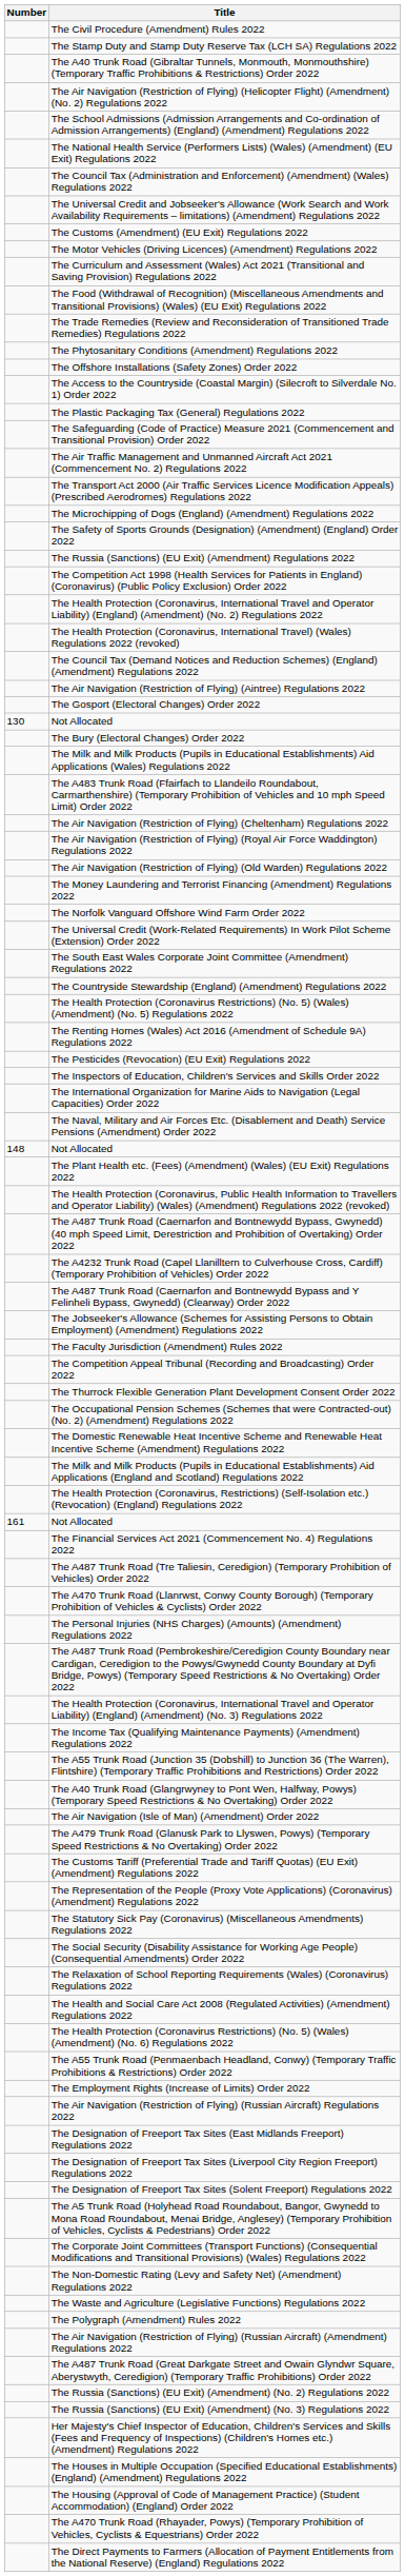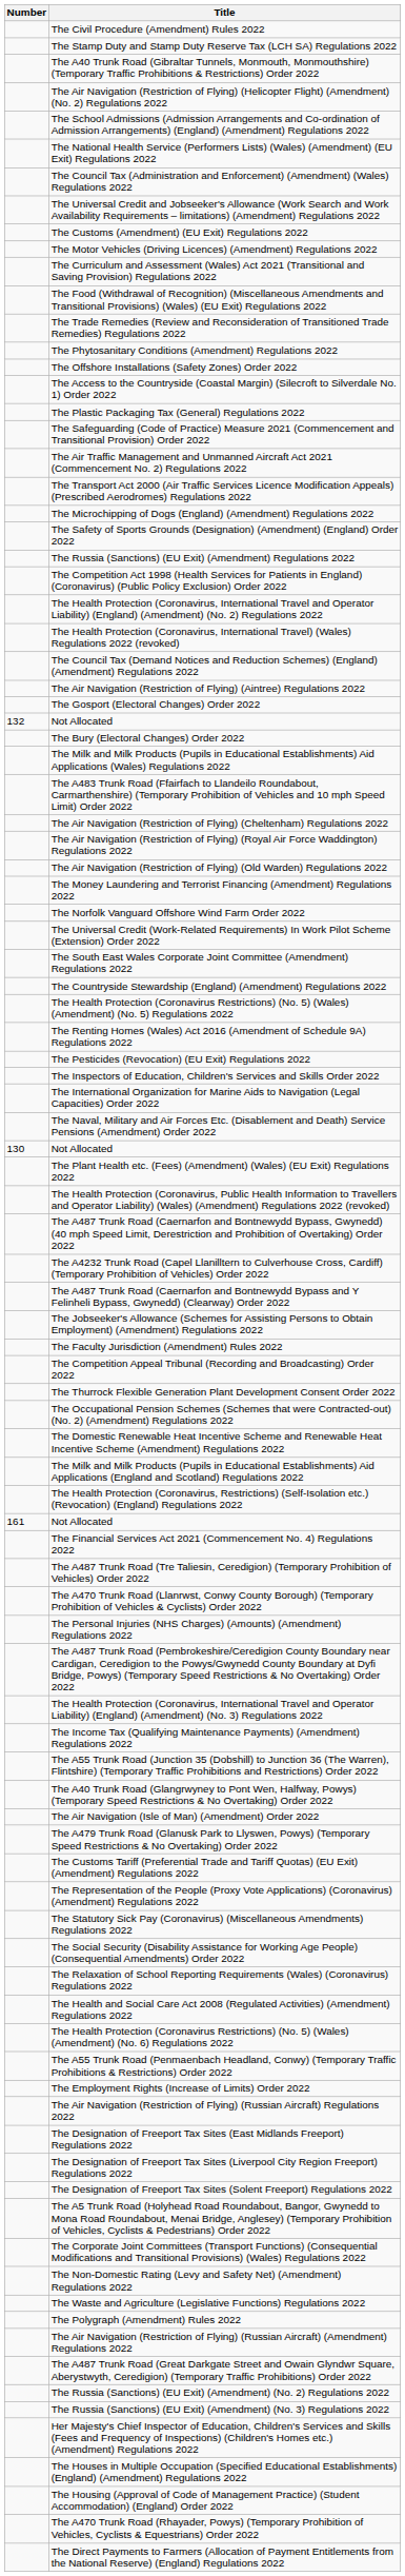 <table class="wikitable collapsible">
 <tr>
 <th>Number</th>
 <th>Title</th>
 </tr>
 <tr>
 <td></td>
 <td>The Civil Procedure (Amendment) Rules 2022</td>
 </tr>
 <tr>
 <td></td>
 <td>The Stamp Duty and Stamp Duty Reserve Tax (LCH SA) Regulations 2022</td>
 </tr>
 <tr>
 <td></td>
 <td>The A40 Trunk Road (Gibraltar Tunnels, Monmouth, Monmouthshire) (Temporary Traffic Prohibitions & Restrictions) Order 2022</td>
 </tr>
 <tr>
 <td></td>
 <td>The Air Navigation (Restriction of Flying) (Helicopter Flight) (Amendment) (No. 2) Regulations 2022</td>
 </tr>
 <tr>
 <td></td>
 <td>The School Admissions (Admission Arrangements and Co-ordination of Admission Arrangements) (England) (Amendment) Regulations 2022</td>
 </tr>
 <tr>
 <td></td>
 <td>The National Health Service (Performers Lists) (Wales) (Amendment) (EU Exit) Regulations 2022</td>
 </tr>
 <tr>
 <td></td>
 <td>The Council Tax (Administration and Enforcement) (Amendment) (Wales) Regulations 2022</td>
 </tr>
 <tr>
 <td></td>
 <td>The Universal Credit and Jobseeker's Allowance (Work Search and Work Availability Requirements – limitations) (Amendment) Regulations 2022</td>
 </tr>
 <tr>
 <td></td>
 <td>The Customs (Amendment) (EU Exit) Regulations 2022</td>
 </tr>
 <tr>
 <td></td>
 <td>The Motor Vehicles (Driving Licences) (Amendment) Regulations 2022</td>
 </tr>
 <tr>
 <td></td>
 <td>The Curriculum and Assessment (Wales) Act 2021 (Transitional and Saving Provision) Regulations 2022</td>
 </tr>
 <tr>
 <td></td>
 <td>The Food (Withdrawal of Recognition) (Miscellaneous Amendments and Transitional Provisions) (Wales) (EU Exit) Regulations 2022</td>
 </tr>
 <tr>
 <td></td>
 <td>The Trade Remedies (Review and Reconsideration of Transitioned Trade Remedies) Regulations 2022</td>
 </tr>
 <tr>
 <td></td>
 <td>The Phytosanitary Conditions (Amendment) Regulations 2022</td>
 </tr>
 <tr>
 <td></td>
 <td>The Offshore Installations (Safety Zones) Order 2022</td>
 </tr>
 <tr>
 <td></td>
 <td>The Access to the Countryside (Coastal Margin) (Silecroft to Silverdale No. 1) Order 2022</td>
 </tr>
 <tr>
 <td></td>
 <td>The Plastic Packaging Tax (General) Regulations 2022</td>
 </tr>
 <tr>
 <td></td>
 <td>The Safeguarding (Code of Practice) Measure 2021 (Commencement and Transitional Provision) Order 2022</td>
 </tr>
 <tr>
 <td></td>
 <td>The Air Traffic Management and Unmanned Aircraft Act 2021 (Commencement No. 2) Regulations 2022</td>
 </tr>
 <tr>
 <td></td>
 <td>The Transport Act 2000 (Air Traffic Services Licence Modification Appeals) (Prescribed Aerodromes) Regulations 2022</td>
 </tr>
 <tr>
 <td></td>
 <td>The Microchipping of Dogs (England) (Amendment) Regulations 2022</td>
 </tr>
 <tr>
 <td></td>
 <td>The Safety of Sports Grounds (Designation) (Amendment) (England) Order 2022</td>
 </tr>
 <tr>
 <td></td>
 <td>The Russia (Sanctions) (EU Exit) (Amendment) Regulations 2022</td>
 </tr>
 <tr>
 <td></td>
 <td>The Competition Act 1998 (Health Services for Patients in England) (Coronavirus) (Public Policy Exclusion) Order 2022</td>
 </tr>
 <tr>
 <td></td>
 <td>The Health Protection (Coronavirus, International Travel and Operator Liability) (England) (Amendment) (No. 2) Regulations 2022</td>
 </tr>
 <tr>
 <td></td>
 <td>The Health Protection (Coronavirus, International Travel) (Wales) Regulations 2022 (revoked)</td>
 </tr>
 <tr>
 <td></td>
 <td>The Council Tax (Demand Notices and Reduction Schemes) (England) (Amendment) Regulations 2022</td>
 </tr>
 <tr>
 <td></td>
 <td>The Air Navigation (Restriction of Flying) (Aintree) Regulations 2022</td>
 </tr>
 <tr>
 <td></td>
 <td>The Gosport (Electoral Changes) Order 2022</td>
 </tr>
 <tr>
-<td>130</td>
+<td>132</td>
 <td>Not Allocated</td>
 </tr>
 <tr>
 <td></td>
 <td>The Bury (Electoral Changes) Order 2022</td>
 </tr>
 <tr>
 <td></td>
 <td>The Milk and Milk Products (Pupils in Educational Establishments) Aid Applications (Wales) Regulations 2022</td>
 </tr>
 <tr>
 <td></td>
 <td>The A483 Trunk Road (Ffairfach to Llandeilo Roundabout, Carmarthenshire) (Temporary Prohibition of Vehicles and 10 mph Speed Limit) Order 2022</td>
 </tr>
 <tr>
 <td></td>
 <td>The Air Navigation (Restriction of Flying) (Cheltenham) Regulations 2022</td>
 </tr>
 <tr>
 <td></td>
 <td>The Air Navigation (Restriction of Flying) (Royal Air Force Waddington) Regulations 2022</td>
 </tr>
 <tr>
 <td></td>
 <td>The Air Navigation (Restriction of Flying) (Old Warden) Regulations 2022</td>
 </tr>
 <tr>
 <td></td>
 <td>The Money Laundering and Terrorist Financing (Amendment) Regulations 2022</td>
 </tr>
 <tr>
 <td></td>
 <td>The Norfolk Vanguard Offshore Wind Farm Order 2022</td>
 </tr>
 <tr>
 <td></td>
 <td>The Universal Credit (Work-Related Requirements) In Work Pilot Scheme (Extension) Order 2022</td>
 </tr>
 <tr>
 <td></td>
 <td>The South East Wales Corporate Joint Committee (Amendment) Regulations 2022</td>
 </tr>
 <tr>
 <td></td>
 <td>The Countryside Stewardship (England) (Amendment) Regulations 2022</td>
 </tr>
 <tr>
 <td></td>
 <td>The Health Protection (Coronavirus Restrictions) (No. 5) (Wales) (Amendment) (No. 5) Regulations 2022</td>
 </tr>
 <tr>
 <td></td>
 <td>The Renting Homes (Wales) Act 2016 (Amendment of Schedule 9A) Regulations 2022</td>
 </tr>
 <tr>
 <td></td>
 <td>The Pesticides (Revocation) (EU Exit) Regulations 2022</td>
 </tr>
 <tr>
 <td></td>
 <td>The Inspectors of Education, Children's Services and Skills Order 2022</td>
 </tr>
 <tr>
 <td></td>
 <td>The International Organization for Marine Aids to Navigation (Legal Capacities) Order 2022</td>
 </tr>
 <tr>
 <td></td>
 <td>The Naval, Military and Air Forces Etc. (Disablement and Death) Service Pensions (Amendment) Order 2022</td>
 </tr>
 <tr>
-<td>148</td>
+<td>130</td>
 <td>Not Allocated</td>
 </tr>
 <tr>
 <td></td>
 <td>The Plant Health etc. (Fees) (Amendment) (Wales) (EU Exit) Regulations 2022</td>
 </tr>
 <tr>
 <td></td>
 <td>The Health Protection (Coronavirus, Public Health Information to Travellers and Operator Liability) (Wales) (Amendment) Regulations 2022 (revoked)</td>
 </tr>
 <tr>
 <td></td>
 <td>The A487 Trunk Road (Caernarfon and Bontnewydd Bypass, Gwynedd) (40 mph Speed Limit, Derestriction and Prohibition of Overtaking) Order 2022</td>
 </tr>
 <tr>
 <td></td>
 <td>The A4232 Trunk Road (Capel Llanilltern to Culverhouse Cross, Cardiff) (Temporary Prohibition of Vehicles) Order 2022</td>
 </tr>
 <tr>
 <td></td>
 <td>The A487 Trunk Road (Caernarfon and Bontnewydd Bypass and Y Felinheli Bypass, Gwynedd) (Clearway) Order 2022</td>
 </tr>
 <tr>
 <td></td>
 <td>The Jobseeker's Allowance (Schemes for Assisting Persons to Obtain Employment) (Amendment) Regulations 2022</td>
 </tr>
 <tr>
 <td></td>
 <td>The Faculty Jurisdiction (Amendment) Rules 2022</td>
 </tr>
 <tr>
 <td></td>
 <td>The Competition Appeal Tribunal (Recording and Broadcasting) Order 2022</td>
 </tr>
 <tr>
 <td></td>
 <td>The Thurrock Flexible Generation Plant Development Consent Order 2022</td>
 </tr>
 <tr>
 <td></td>
 <td>The Occupational Pension Schemes (Schemes that were Contracted-out) (No. 2) (Amendment) Regulations 2022</td>
 </tr>
 <tr>
 <td></td>
 <td>The Domestic Renewable Heat Incentive Scheme and Renewable Heat Incentive Scheme (Amendment) Regulations 2022</td>
 </tr>
 <tr>
 <td></td>
 <td>The Milk and Milk Products (Pupils in Educational Establishments) Aid Applications (England and Scotland) Regulations 2022</td>
 </tr>
 <tr>
 <td></td>
 <td>The Health Protection (Coronavirus, Restrictions) (Self-Isolation etc.) (Revocation) (England) Regulations 2022</td>
 </tr>
 <tr>
 <td>161</td>
 <td>Not Allocated</td>
 </tr>
 <tr>
 <td></td>
 <td>The Financial Services Act 2021 (Commencement No. 4) Regulations 2022</td>
 </tr>
 <tr>
 <td></td>
 <td>The A487 Trunk Road (Tre Taliesin, Ceredigion) (Temporary Prohibition of Vehicles) Order 2022</td>
 </tr>
 <tr>
 <td></td>
 <td>The A470 Trunk Road (Llanrwst, Conwy County Borough) (Temporary Prohibition of Vehicles & Cyclists) Order 2022</td>
 </tr>
 <tr>
 <td></td>
 <td>The Personal Injuries (NHS Charges) (Amounts) (Amendment) Regulations 2022</td>
 </tr>
 <tr>
 <td></td>
 <td>The A487 Trunk Road (Pembrokeshire/Ceredigion County Boundary near Cardigan, Ceredigion to the Powys/Gwynedd County Boundary at Dyfi Bridge, Powys) (Temporary Speed Restrictions & No Overtaking) Order 2022</td>
 </tr>
 <tr>
 <td></td>
 <td>The Health Protection (Coronavirus, International Travel and Operator Liability) (England) (Amendment) (No. 3) Regulations 2022</td>
 </tr>
 <tr>
 <td></td>
 <td>The Income Tax (Qualifying Maintenance Payments) (Amendment) Regulations 2022</td>
 </tr>
 <tr>
 <td></td>
 <td>The A55 Trunk Road (Junction 35 (Dobshill) to Junction 36 (The Warren), Flintshire) (Temporary Traffic Prohibitions and Restrictions) Order 2022</td>
 </tr>
 <tr>
 <td></td>
 <td>The A40 Trunk Road (Glangrwyney to Pont Wen, Halfway, Powys) (Temporary Speed Restrictions & No Overtaking) Order 2022</td>
 </tr>
 <tr>
 <td></td>
 <td>The Air Navigation (Isle of Man) (Amendment) Order 2022</td>
 </tr>
 <tr>
 <td></td>
 <td>The A479 Trunk Road (Glanusk Park to Llyswen, Powys) (Temporary Speed Restrictions & No Overtaking) Order 2022</td>
 </tr>
 <tr>
 <td></td>
 <td>The Customs Tariff (Preferential Trade and Tariff Quotas) (EU Exit) (Amendment) Regulations 2022</td>
 </tr>
 <tr>
 <td></td>
 <td>The Representation of the People (Proxy Vote Applications) (Coronavirus) (Amendment) Regulations 2022</td>
 </tr>
 <tr>
 <td></td>
 <td>The Statutory Sick Pay (Coronavirus) (Miscellaneous Amendments) Regulations 2022</td>
 </tr>
 <tr>
 <td></td>
 <td>The Social Security (Disability Assistance for Working Age People) (Consequential Amendments) Order 2022</td>
 </tr>
 <tr>
 <td></td>
 <td>The Relaxation of School Reporting Requirements (Wales) (Coronavirus) Regulations 2022</td>
 </tr>
 <tr>
 <td></td>
 <td>The Health and Social Care Act 2008 (Regulated Activities) (Amendment) Regulations 2022</td>
 </tr>
 <tr>
 <td></td>
 <td>The Health Protection (Coronavirus Restrictions) (No. 5) (Wales) (Amendment) (No. 6) Regulations 2022</td>
 </tr>
 <tr>
 <td></td>
 <td>The A55 Trunk Road (Penmaenbach Headland, Conwy) (Temporary Traffic Prohibitions & Restrictions) Order 2022</td>
 </tr>
 <tr>
 <td></td>
 <td>The Employment Rights (Increase of Limits) Order 2022</td>
 </tr>
 <tr>
 <td></td>
 <td>The Air Navigation (Restriction of Flying) (Russian Aircraft) Regulations 2022</td>
 </tr>
 <tr>
 <td></td>
 <td>The Designation of Freeport Tax Sites (East Midlands Freeport) Regulations 2022</td>
 </tr>
 <tr>
 <td></td>
 <td>The Designation of Freeport Tax Sites (Liverpool City Region Freeport) Regulations 2022</td>
 </tr>
 <tr>
 <td></td>
 <td>The Designation of Freeport Tax Sites (Solent Freeport) Regulations 2022</td>
 </tr>
 <tr>
 <td></td>
 <td>The A5 Trunk Road (Holyhead Road Roundabout, Bangor, Gwynedd to Mona Road Roundabout, Menai Bridge, Anglesey) (Temporary Prohibition of Vehicles, Cyclists & Pedestrians) Order 2022</td>
 </tr>
 <tr>
 <td></td>
 <td>The Corporate Joint Committees (Transport Functions) (Consequential Modifications and Transitional Provisions) (Wales) Regulations 2022</td>
 </tr>
 <tr>
 <td></td>
 <td>The Non-Domestic Rating (Levy and Safety Net) (Amendment) Regulations 2022</td>
 </tr>
 <tr>
 <td></td>
 <td>The Waste and Agriculture (Legislative Functions) Regulations 2022</td>
 </tr>
 <tr>
 <td></td>
 <td>The Polygraph (Amendment) Rules 2022</td>
 </tr>
 <tr>
 <td></td>
 <td>The Air Navigation (Restriction of Flying) (Russian Aircraft) (Amendment) Regulations 2022</td>
 </tr>
 <tr>
 <td></td>
 <td>The A487 Trunk Road (Great Darkgate Street and Owain Glyndwr Square, Aberystwyth, Ceredigion) (Temporary Traffic Prohibitions) Order 2022</td>
 </tr>
 <tr>
 <td></td>
 <td>The Russia (Sanctions) (EU Exit) (Amendment) (No. 2) Regulations 2022</td>
 </tr>
 <tr>
 <td></td>
 <td>The Russia (Sanctions) (EU Exit) (Amendment) (No. 3) Regulations 2022</td>
 </tr>
 <tr>
 <td></td>
 <td>Her Majesty's Chief Inspector of Education, Children's Services and Skills (Fees and Frequency of Inspections) (Children's Homes etc.) (Amendment) Regulations 2022</td>
 </tr>
 <tr>
 <td></td>
 <td>The Houses in Multiple Occupation (Specified Educational Establishments) (England) (Amendment) Regulations 2022</td>
 </tr>
 <tr>
 <td></td>
 <td>The Housing (Approval of Code of Management Practice) (Student Accommodation) (England) Order 2022</td>
 </tr>
 <tr>
 <td></td>
 <td>The A470 Trunk Road (Rhayader, Powys) (Temporary Prohibition of Vehicles, Cyclists & Equestrians) Order 2022</td>
 </tr>
 <tr>
 <td></td>
 <td>The Direct Payments to Farmers (Allocation of Payment Entitlements from the National Reserve) (England) Regulations 2022</td>
 </tr>
 </table>
